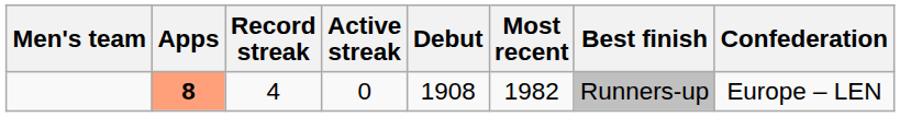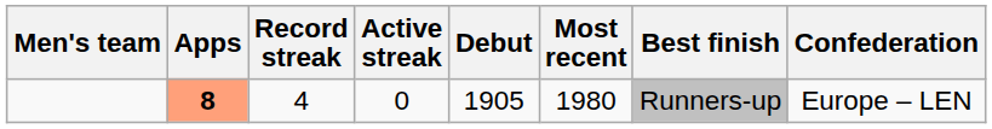 <table class="wikitable" style="text-align: center; font-size: 90%; margin-left: 1em;">
 <tr>
 <th>Men's team</th>
 <th>Apps</th>
 <th>Record<br>streak</th>
 <th>Active<br>streak</th>
 <th>Debut</th>
 <th>Most<br>recent</th>
 <th>Best finish</th>
 <th>Confederation</th>
 </tr>
 <tr>
 <td style="text-align: left;"></td>
 <td style="background: lightsalmon;"><strong>8</strong></td>
 <td>4</td>
 <td>0</td>
-<td>1908</td>
-<td>1982</td>
+<td>1905</td>
+<td>1980</td>
 <td style="background-color: silver;">Runners-up</td>
 <td>Europe – LEN</td>
 </tr>
 </table>
